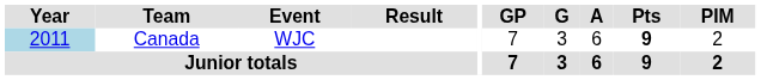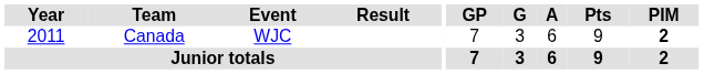 <table border="0" cellpadding="1" cellspacing="0" ID="Table3" style="text-align:center; width:40em">
 <tr bgcolor="#e0e0e0">
 <th>Year</th>
 <th>Team</th>
 <th>Event</th>
 <th>Result</th>
 <th rowspan="99" bgcolor="#ffffff"></th>
 <th>GP</th>
 <th>G</th>
 <th>A</th>
 <th>Pts</th>
 <th>PIM</th>
 </tr>
 <tr>
-<td style="background: lightblue;"><a href='#'>2011</a></td>
+<td><a href='#'>2011</a></td>
 <td><a href='#'>Canada</a></td>
 <td><a href='#'>WJC</a></td>
 <td></td>
 <td>7</td>
 <td>3</td>
 <td>6</td>
-<td><strong>9</strong></td>
-<td>2</td>
+<td>9</td>
+<td><strong>2</strong></td>
 </tr>
 <tr bgcolor="#e0e0e0">
 <th colspan="4">Junior totals</th>
 <th>7</th>
 <th>3</th>
 <th>6</th>
 <th>9</th>
 <th>2</th>
 </tr>
 </table>
